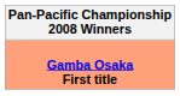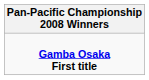 <table class="wikitable" style="text-align: center; margin: 0 auto;">
 <tr>
 <th>Pan-Pacific Championship<br>2008 Winners</th>
 </tr>
 <tr>
-<td style="background: lightsalmon;"><br><strong><a href='#'>Gamba Osaka</a></strong><br><strong>First title</strong></td>
+<td><br><strong><a href='#'>Gamba Osaka</a></strong><br><strong>First title</strong></td>
 </tr>
 </table>
